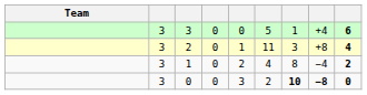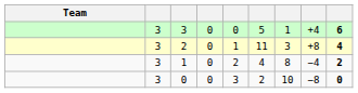 <table class="wikitable" style="text-align: center; font-size:90% ">
 <tr>
 <th width=160>Team</th>
 <th width=25></th>
 <th width=25></th>
 <th width=25></th>
 <th width=25></th>
 <th width=25></th>
 <th width=25></th>
 <th width=25></th>
 <th width=25></th>
 </tr>
 <tr bgcolor=ccffcc>
 <td align=left></td>
 <td>3</td>
 <td>3</td>
 <td>0</td>
 <td>0</td>
 <td>5</td>
 <td>1</td>
 <td>+4</td>
 <td><strong>6</strong></td>
 </tr>
 <tr bgcolor=ffffcc>
 <td align=left></td>
 <td>3</td>
 <td>2</td>
 <td>0</td>
 <td>1</td>
 <td>11</td>
 <td>3</td>
 <td>+8</td>
 <td><strong>4</strong></td>
 </tr>
 <tr>
 <td align=left></td>
 <td>3</td>
 <td>1</td>
 <td>0</td>
 <td>2</td>
 <td>4</td>
 <td>8</td>
 <td>−4</td>
 <td><strong>2</strong></td>
 </tr>
 <tr>
 <td align=left></td>
 <td>3</td>
 <td>0</td>
 <td>0</td>
 <td>3</td>
 <td>2</td>
-<td><strong>10</strong></td>
-<td><strong>−8</strong></td>
+<td>10</td>
+<td>−8</td>
 <td><strong>0</strong></td>
 </tr>
 </table>
